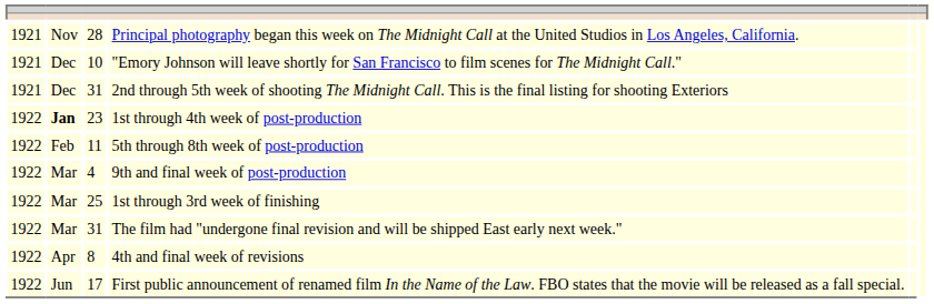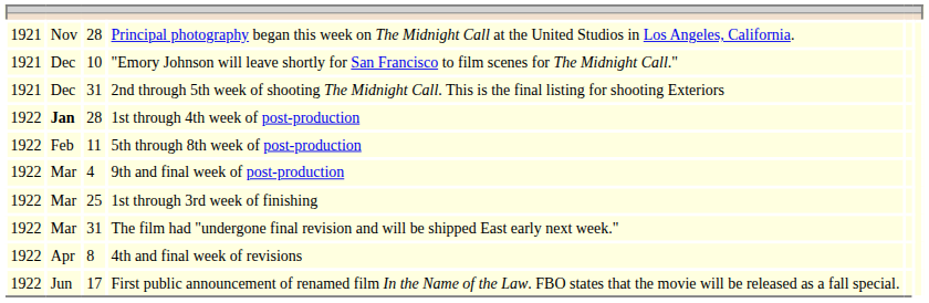 <table class="wikitable sortable mw-collapsible " style="background:lightyellow; border:2px solid gray;font-size:95%">
 <tr>
 <th colspan="6" style="border:1px solid #808080;background:lightgrey;"></th>
 </tr>
 <tr>
 <th style="border:0px solid #FFFAF5; background:#F2E0CE"></th>
 <th style="border:0px solid #FFFAF5; background:#F2E0CE"></th>
 <th style="border:0px solid #FFFAF5; background:#F2E0CE"></th>
 <th style="border:0px solid #FFFAF5; background:#F2E0CE"></th>
 <th style="border:0px solid #FFFAF5; background:#F2E0CE"></th>
 <th style="border:0px solid #FFFAF5; background:#F2E0CE"></th>
 </tr>
 <tr>
 <td style="border:3px solid #FFFFFF">1921</td>
 <td style="border:3px solid #FFFFFF">Nov</td>
 <td style="border:3px solid #FFFFFF">28</td>
 <td style="border:3px solid #FFFFFF"><a href='#'>Principal photography</a> began this week on <em>The Midnight Call</em> at the United Studios in <a href='#'>Los Angeles, California</a>.</td>
 <td style="border:3px solid #FFFFFF"></td>
 <td rowspan=15 style="text-align: center; border:3px solid #FFFFFF;"></td>
 </tr>
 <tr>
 <td style="border:3px solid #FFFFFF">1921</td>
 <td style="border:3px solid #FFFFFF">Dec</td>
 <td style="border:3px solid #FFFFFF">10</td>
 <td style="border:3px solid #FFFFFF">"Emory Johnson will leave shortly for <a href='#'>San Francisco</a> to film scenes for <em>The Midnight Call</em>."</td>
 <td style="border:3px solid #FFFFFF"></td>
 </tr>
 <tr>
 <td style="border:3px solid #FFFFFF">1921</td>
 <td style="border:3px solid #FFFFFF">Dec</td>
 <td style="border:3px solid #FFFFFF">31</td>
 <td style="border:3px solid #FFFFFF">2nd through 5th week of shooting <em>The Midnight Call</em>. This is the final listing for shooting Exteriors</td>
 <td style="border:3px solid #FFFFFF"></td>
 </tr>
 <tr>
 <td style="border:3px solid #FFFFFF">1922</td>
 <td style="border:3px solid #FFFFFF"><strong>Jan</strong></td>
-<td style="border:3px solid #FFFFFF">23</td>
+<td style="border:3px solid #FFFFFF">28</td>
 <td style="border:3px solid #FFFFFF">1st through 4th week of <a href='#'>post-production</a></td>
 <td style="border:3px solid #FFFFFF"></td>
 </tr>
 <tr>
 <td style="border:3px solid #FFFFFF">1922</td>
 <td style="border:3px solid #FFFFFF">Feb</td>
 <td style="border:3px solid #FFFFFF">11</td>
 <td style="border:3px solid #FFFFFF">5th through 8th week of <a href='#'>post-production</a></td>
 <td style="border:3px solid #FFFFFF"></td>
 </tr>
 <tr>
 <td style="border:3px solid #FFFFFF">1922</td>
 <td style="border:3px solid #FFFFFF">Mar</td>
 <td style="border:3px solid #FFFFFF">4</td>
 <td style="border:3px solid #FFFFFF">9th and final week of <a href='#'>post-production</a></td>
 <td style="border:3px solid #FFFFFF"></td>
 </tr>
 <tr>
 <td style="border:3px solid #FFFFFF">1922</td>
 <td style="border:3px solid #FFFFFF">Mar</td>
 <td style="border:3px solid #FFFFFF">25</td>
 <td style="border:3px solid #FFFFFF">1st through 3rd week of finishing</td>
 <td style="border:3px solid #FFFFFF"></td>
 </tr>
 <tr>
 <td style="border:3px solid #FFFFFF">1922</td>
 <td style="border:3px solid #FFFFFF">Mar</td>
 <td style="border:3px solid #FFFFFF">31</td>
 <td style="border:3px solid #FFFFFF">The film had "undergone final revision and will be shipped East early next week."</td>
 <td style="border:3px solid #FFFFFF"></td>
 </tr>
 <tr>
 <td style="border:3px solid #FFFFFF">1922</td>
 <td style="border:3px solid #FFFFFF">Apr</td>
 <td style="border:3px solid #FFFFFF">8</td>
 <td style="border:3px solid #FFFFFF">4th and final week of revisions</td>
 <td style="border:3px solid #FFFFFF"></td>
 </tr>
 <tr>
 <td style="border:3px solid #FFFFFF">1922</td>
 <td style="border:3px solid #FFFFFF">Jun</td>
 <td style="border:3px solid #FFFFFF">17</td>
 <td style="border:3px solid #FFFFFF">First public announcement of renamed film <em>In the Name of the Law</em>. FBO states that the movie will be released as a fall special.</td>
 <td style="border:3px solid #FFFFFF"><br></td>
 </tr>
 <tr>
 </tr>
 </table>
